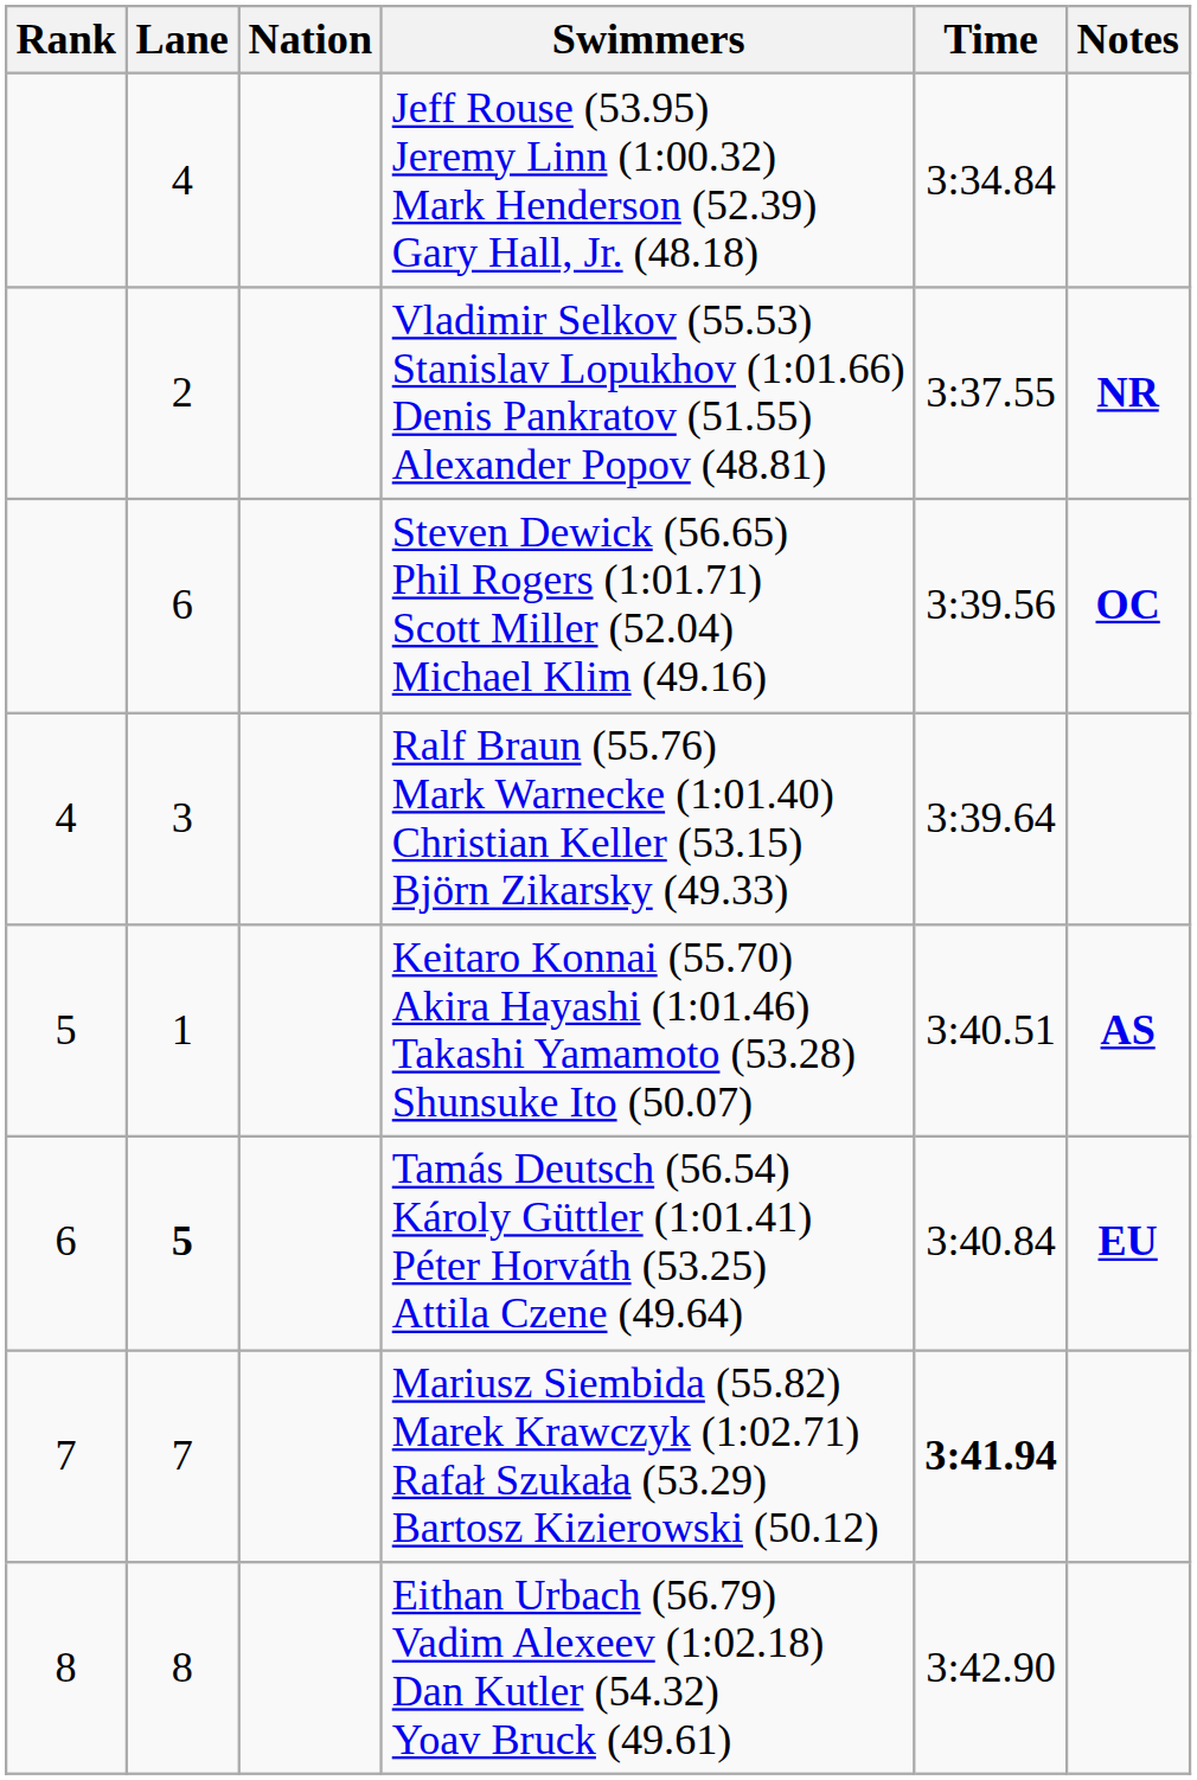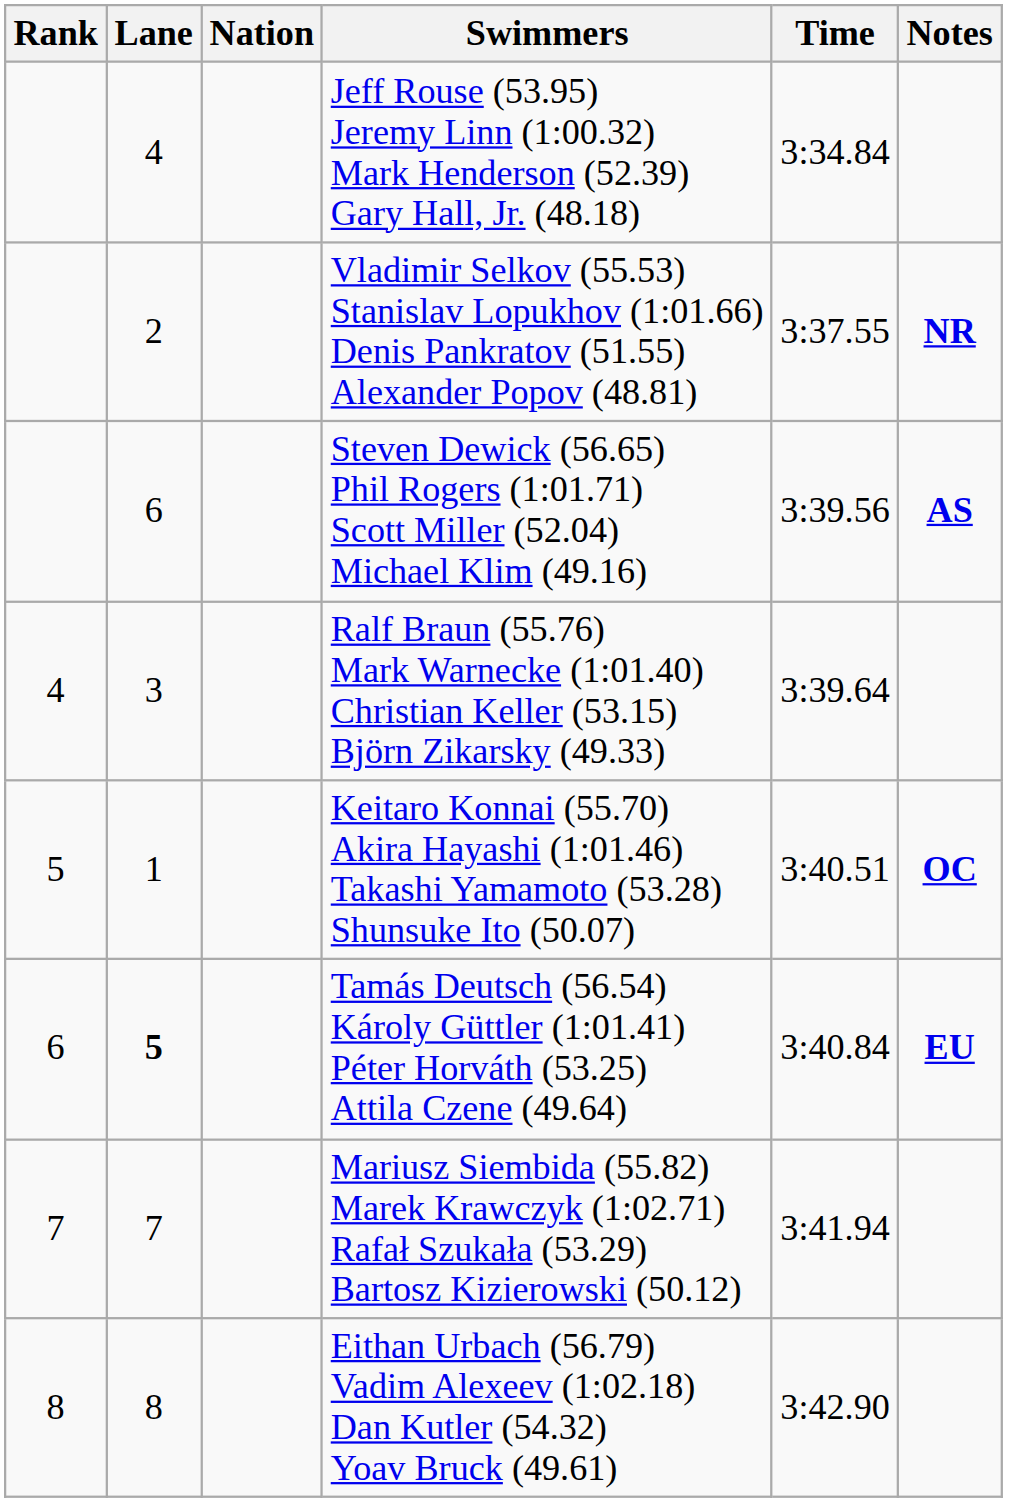 <table class="wikitable sortable" style="text-align:center">
 <tr>
 <th>Rank</th>
 <th>Lane</th>
 <th>Nation</th>
 <th>Swimmers</th>
 <th>Time</th>
 <th>Notes</th>
 </tr>
 <tr>
 <td></td>
 <td>4</td>
 <td align=left></td>
 <td align=left><a href='#'>Jeff Rouse</a> (53.95)<br><a href='#'>Jeremy Linn</a> (1:00.32)<br><a href='#'>Mark Henderson</a> (52.39)<br><a href='#'>Gary Hall, Jr.</a> (48.18)</td>
 <td>3:34.84</td>
 <td></td>
 </tr>
 <tr>
 <td></td>
 <td>2</td>
 <td align=left></td>
 <td align=left><a href='#'>Vladimir Selkov</a> (55.53)<br><a href='#'>Stanislav Lopukhov</a> (1:01.66)<br><a href='#'>Denis Pankratov</a> (51.55)<br><a href='#'>Alexander Popov</a> (48.81)</td>
 <td>3:37.55</td>
 <td><strong><a href='#'>NR</a></strong></td>
 </tr>
 <tr>
 <td></td>
 <td>6</td>
 <td align=left></td>
 <td align=left><a href='#'>Steven Dewick</a> (56.65)<br><a href='#'>Phil Rogers</a> (1:01.71)<br><a href='#'>Scott Miller</a> (52.04)<br><a href='#'>Michael Klim</a> (49.16)</td>
 <td>3:39.56</td>
-<td><strong><a href='#'>OC</a></strong></td>
+<td><strong><a href='#'>AS</a></strong></td>
 </tr>
 <tr>
 <td>4</td>
 <td>3</td>
 <td align=left></td>
 <td align=left><a href='#'>Ralf Braun</a> (55.76)<br><a href='#'>Mark Warnecke</a> (1:01.40)<br><a href='#'>Christian Keller</a> (53.15)<br><a href='#'>Björn Zikarsky</a> (49.33)</td>
 <td>3:39.64</td>
 <td></td>
 </tr>
 <tr>
 <td>5</td>
 <td>1</td>
 <td align=left></td>
 <td align=left><a href='#'>Keitaro Konnai</a> (55.70)<br><a href='#'>Akira Hayashi</a> (1:01.46)<br><a href='#'>Takashi Yamamoto</a> (53.28)<br><a href='#'>Shunsuke Ito</a> (50.07)</td>
 <td>3:40.51</td>
-<td><strong><a href='#'>AS</a></strong></td>
+<td><strong><a href='#'>OC</a></strong></td>
 </tr>
 <tr>
 <td>6</td>
 <td><strong>5</strong></td>
 <td align=left></td>
 <td align=left><a href='#'>Tamás Deutsch</a> (56.54)<br><a href='#'>Károly Güttler</a> (1:01.41)<br><a href='#'>Péter Horváth</a> (53.25)<br><a href='#'>Attila Czene</a> (49.64)</td>
 <td>3:40.84</td>
 <td><strong><a href='#'>EU</a></strong></td>
 </tr>
 <tr>
 <td>7</td>
 <td>7</td>
 <td align=left></td>
 <td align=left><a href='#'>Mariusz Siembida</a> (55.82)<br><a href='#'>Marek Krawczyk</a> (1:02.71)<br><a href='#'>Rafał Szukała</a> (53.29)<br><a href='#'>Bartosz Kizierowski</a> (50.12)</td>
-<td><strong>3:41.94</strong></td>
+<td>3:41.94</td>
 <td></td>
 </tr>
 <tr>
 <td>8</td>
 <td>8</td>
 <td align=left></td>
 <td align=left><a href='#'>Eithan Urbach</a> (56.79)<br><a href='#'>Vadim Alexeev</a> (1:02.18)<br><a href='#'>Dan Kutler</a> (54.32)<br><a href='#'>Yoav Bruck</a> (49.61)</td>
 <td>3:42.90</td>
 <td></td>
 </tr>
 </table>
